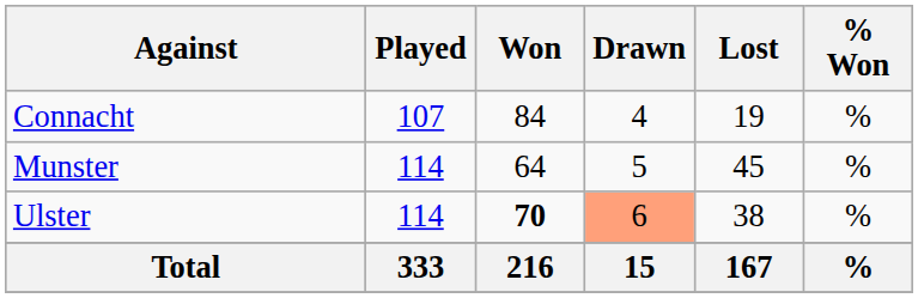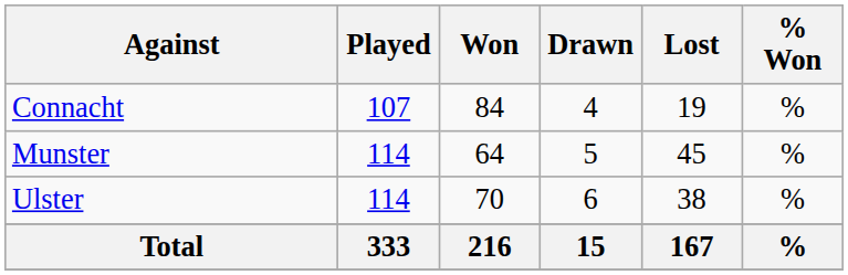 <table class = "wikitable sortable" style="text-align:center">
 <tr>
 <th width=175>Against</th>
 <th width=48>Played</th>
 <th width=48>Won</th>
 <th width=48>Drawn</th>
 <th width=48>Lost</th>
 <th width=48>% Won</th>
 </tr>
 <tr>
 <td style="text-align:left;"> <a href='#'>Connacht</a></td>
 <td><a href='#'>107</a></td>
 <td>84</td>
 <td>4</td>
 <td>19</td>
 <td>%</td>
 </tr>
 <tr>
 <td style="text-align:left;"> <a href='#'>Munster</a></td>
 <td><a href='#'>114</a></td>
 <td>64</td>
 <td>5</td>
 <td>45</td>
 <td>%</td>
 </tr>
 <tr>
 <td style="text-align:left;"> <a href='#'>Ulster</a></td>
 <td><a href='#'>114</a></td>
-<td><strong>70</strong></td>
-<td style="background: lightsalmon;">6</td>
+<td>70</td>
+<td>6</td>
 <td>38</td>
 <td>%</td>
 </tr>
 <tr>
 </tr>
 <tr class="sortbottom">
 <th>Total</th>
 <th>333</th>
 <th>216</th>
 <th>15</th>
 <th>167</th>
 <th>%</th>
 </tr>
 <tr>
 </tr>
 </table>
